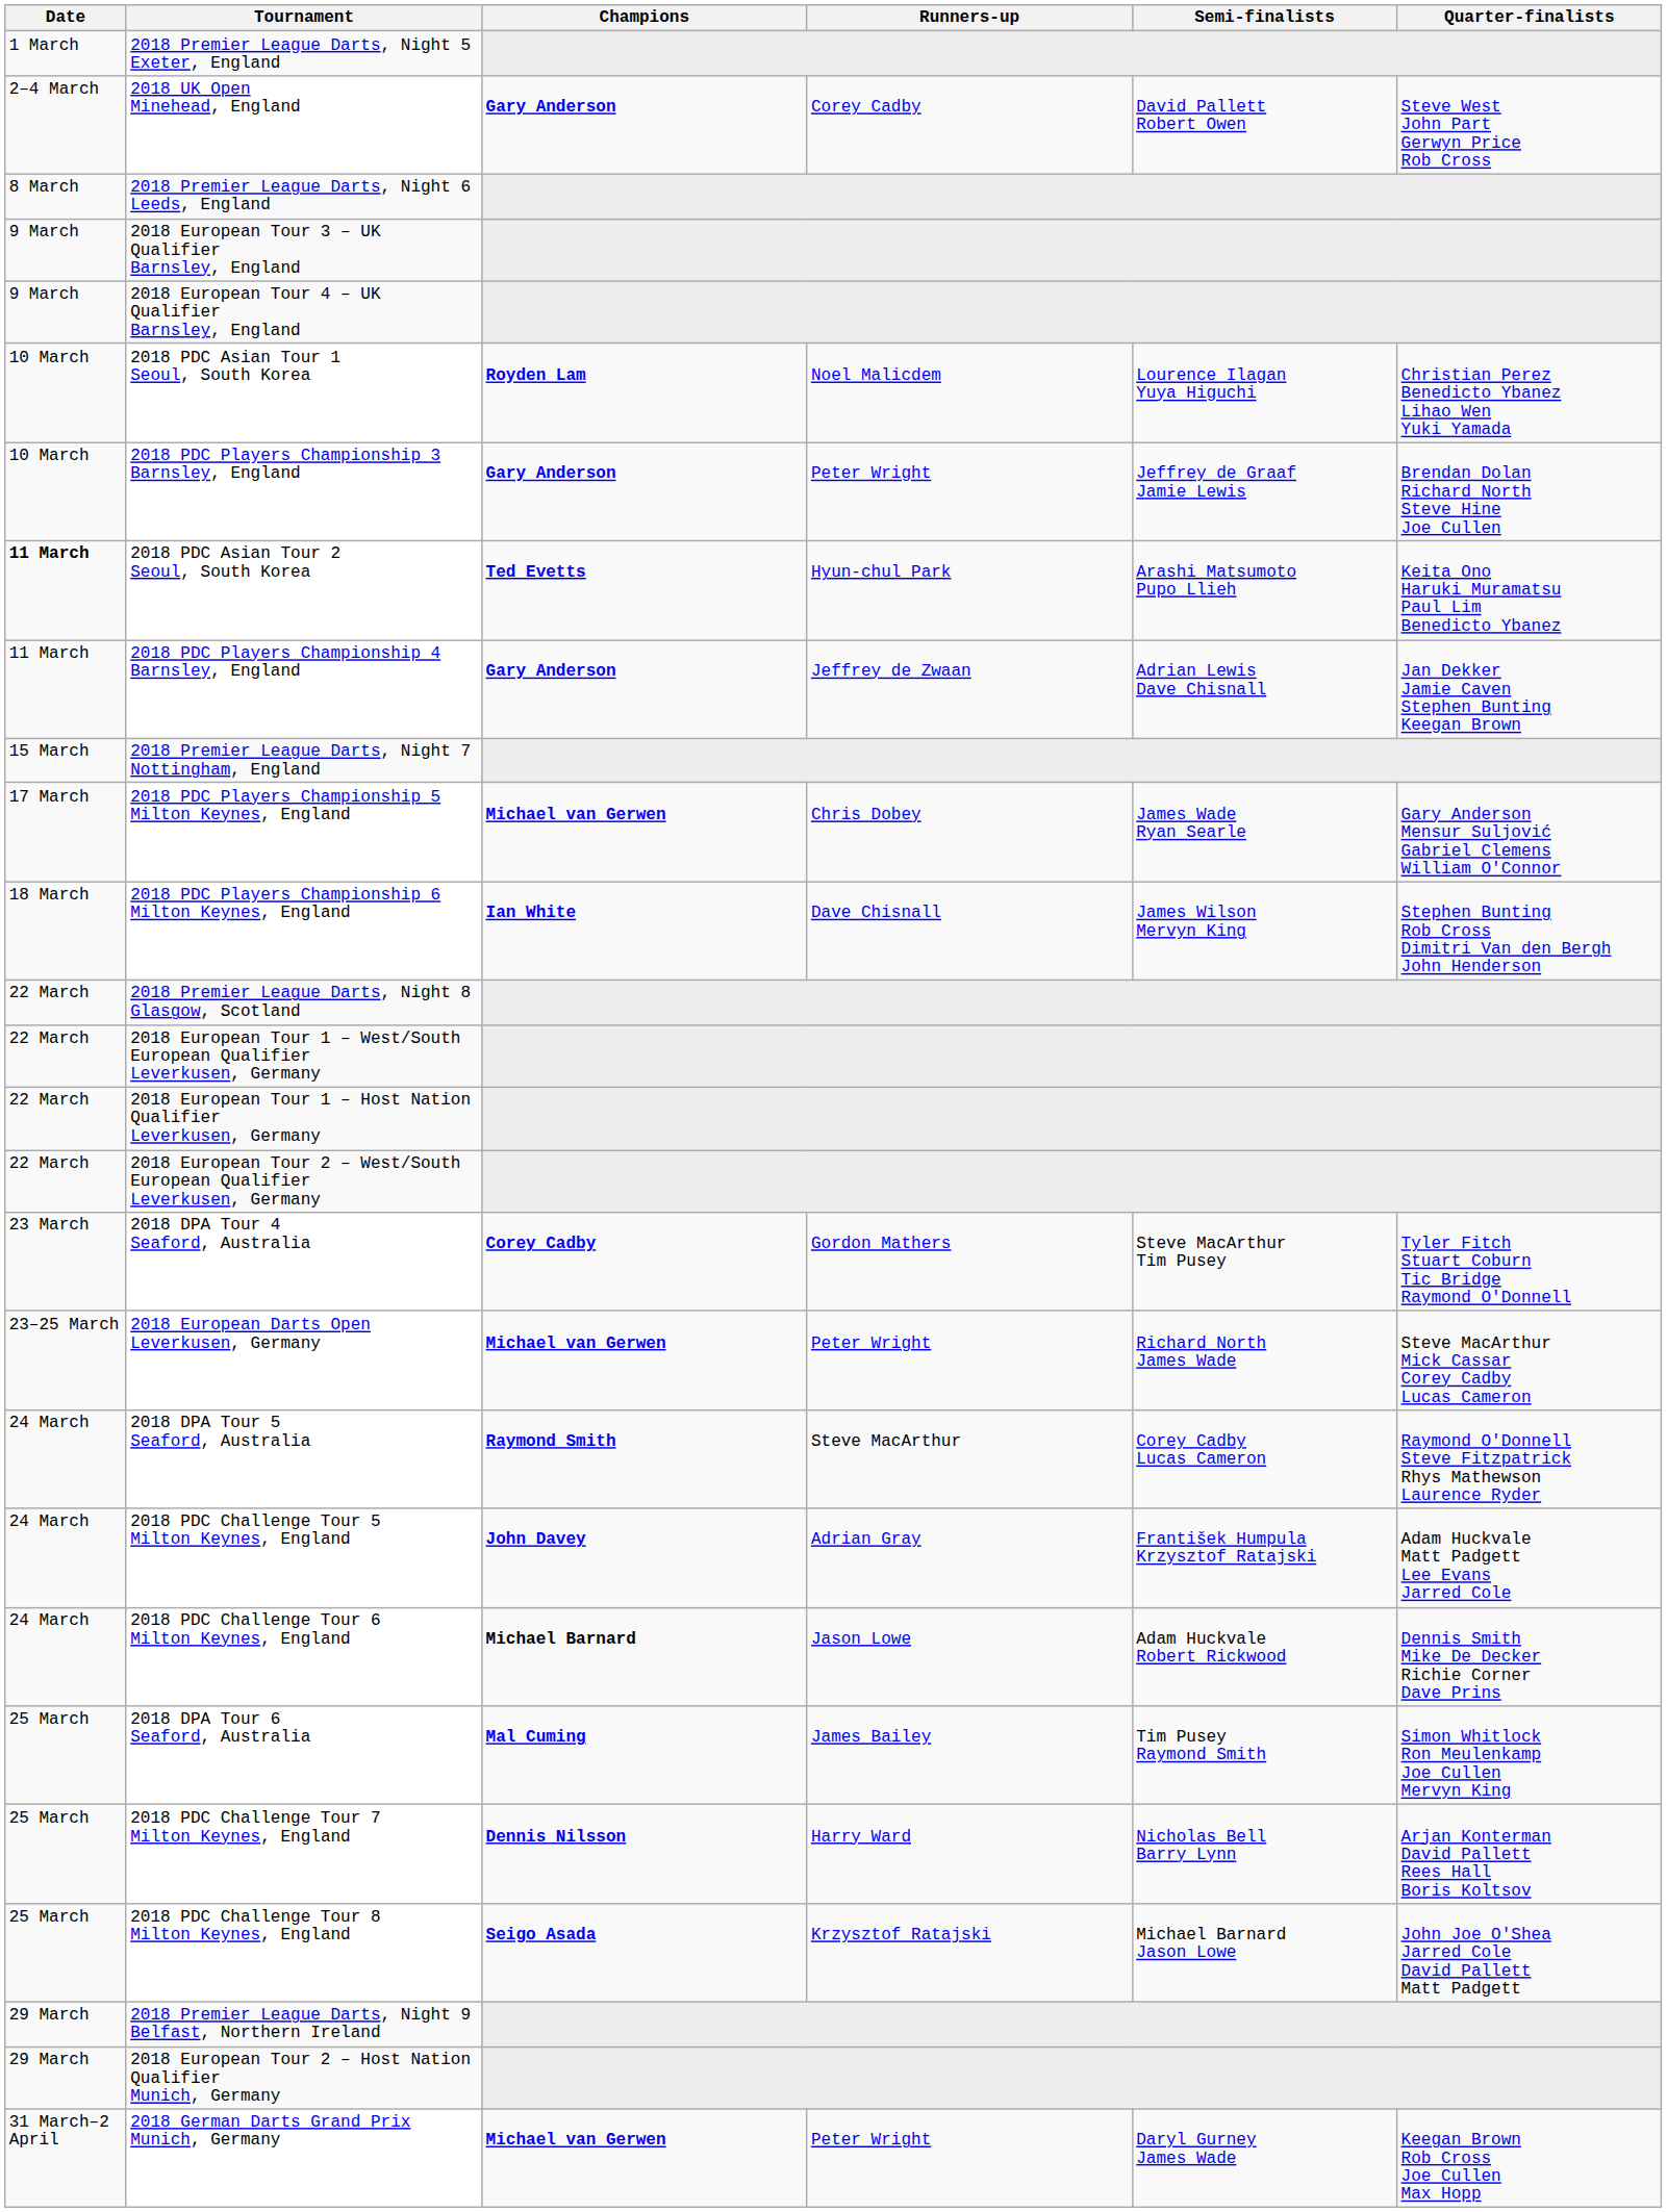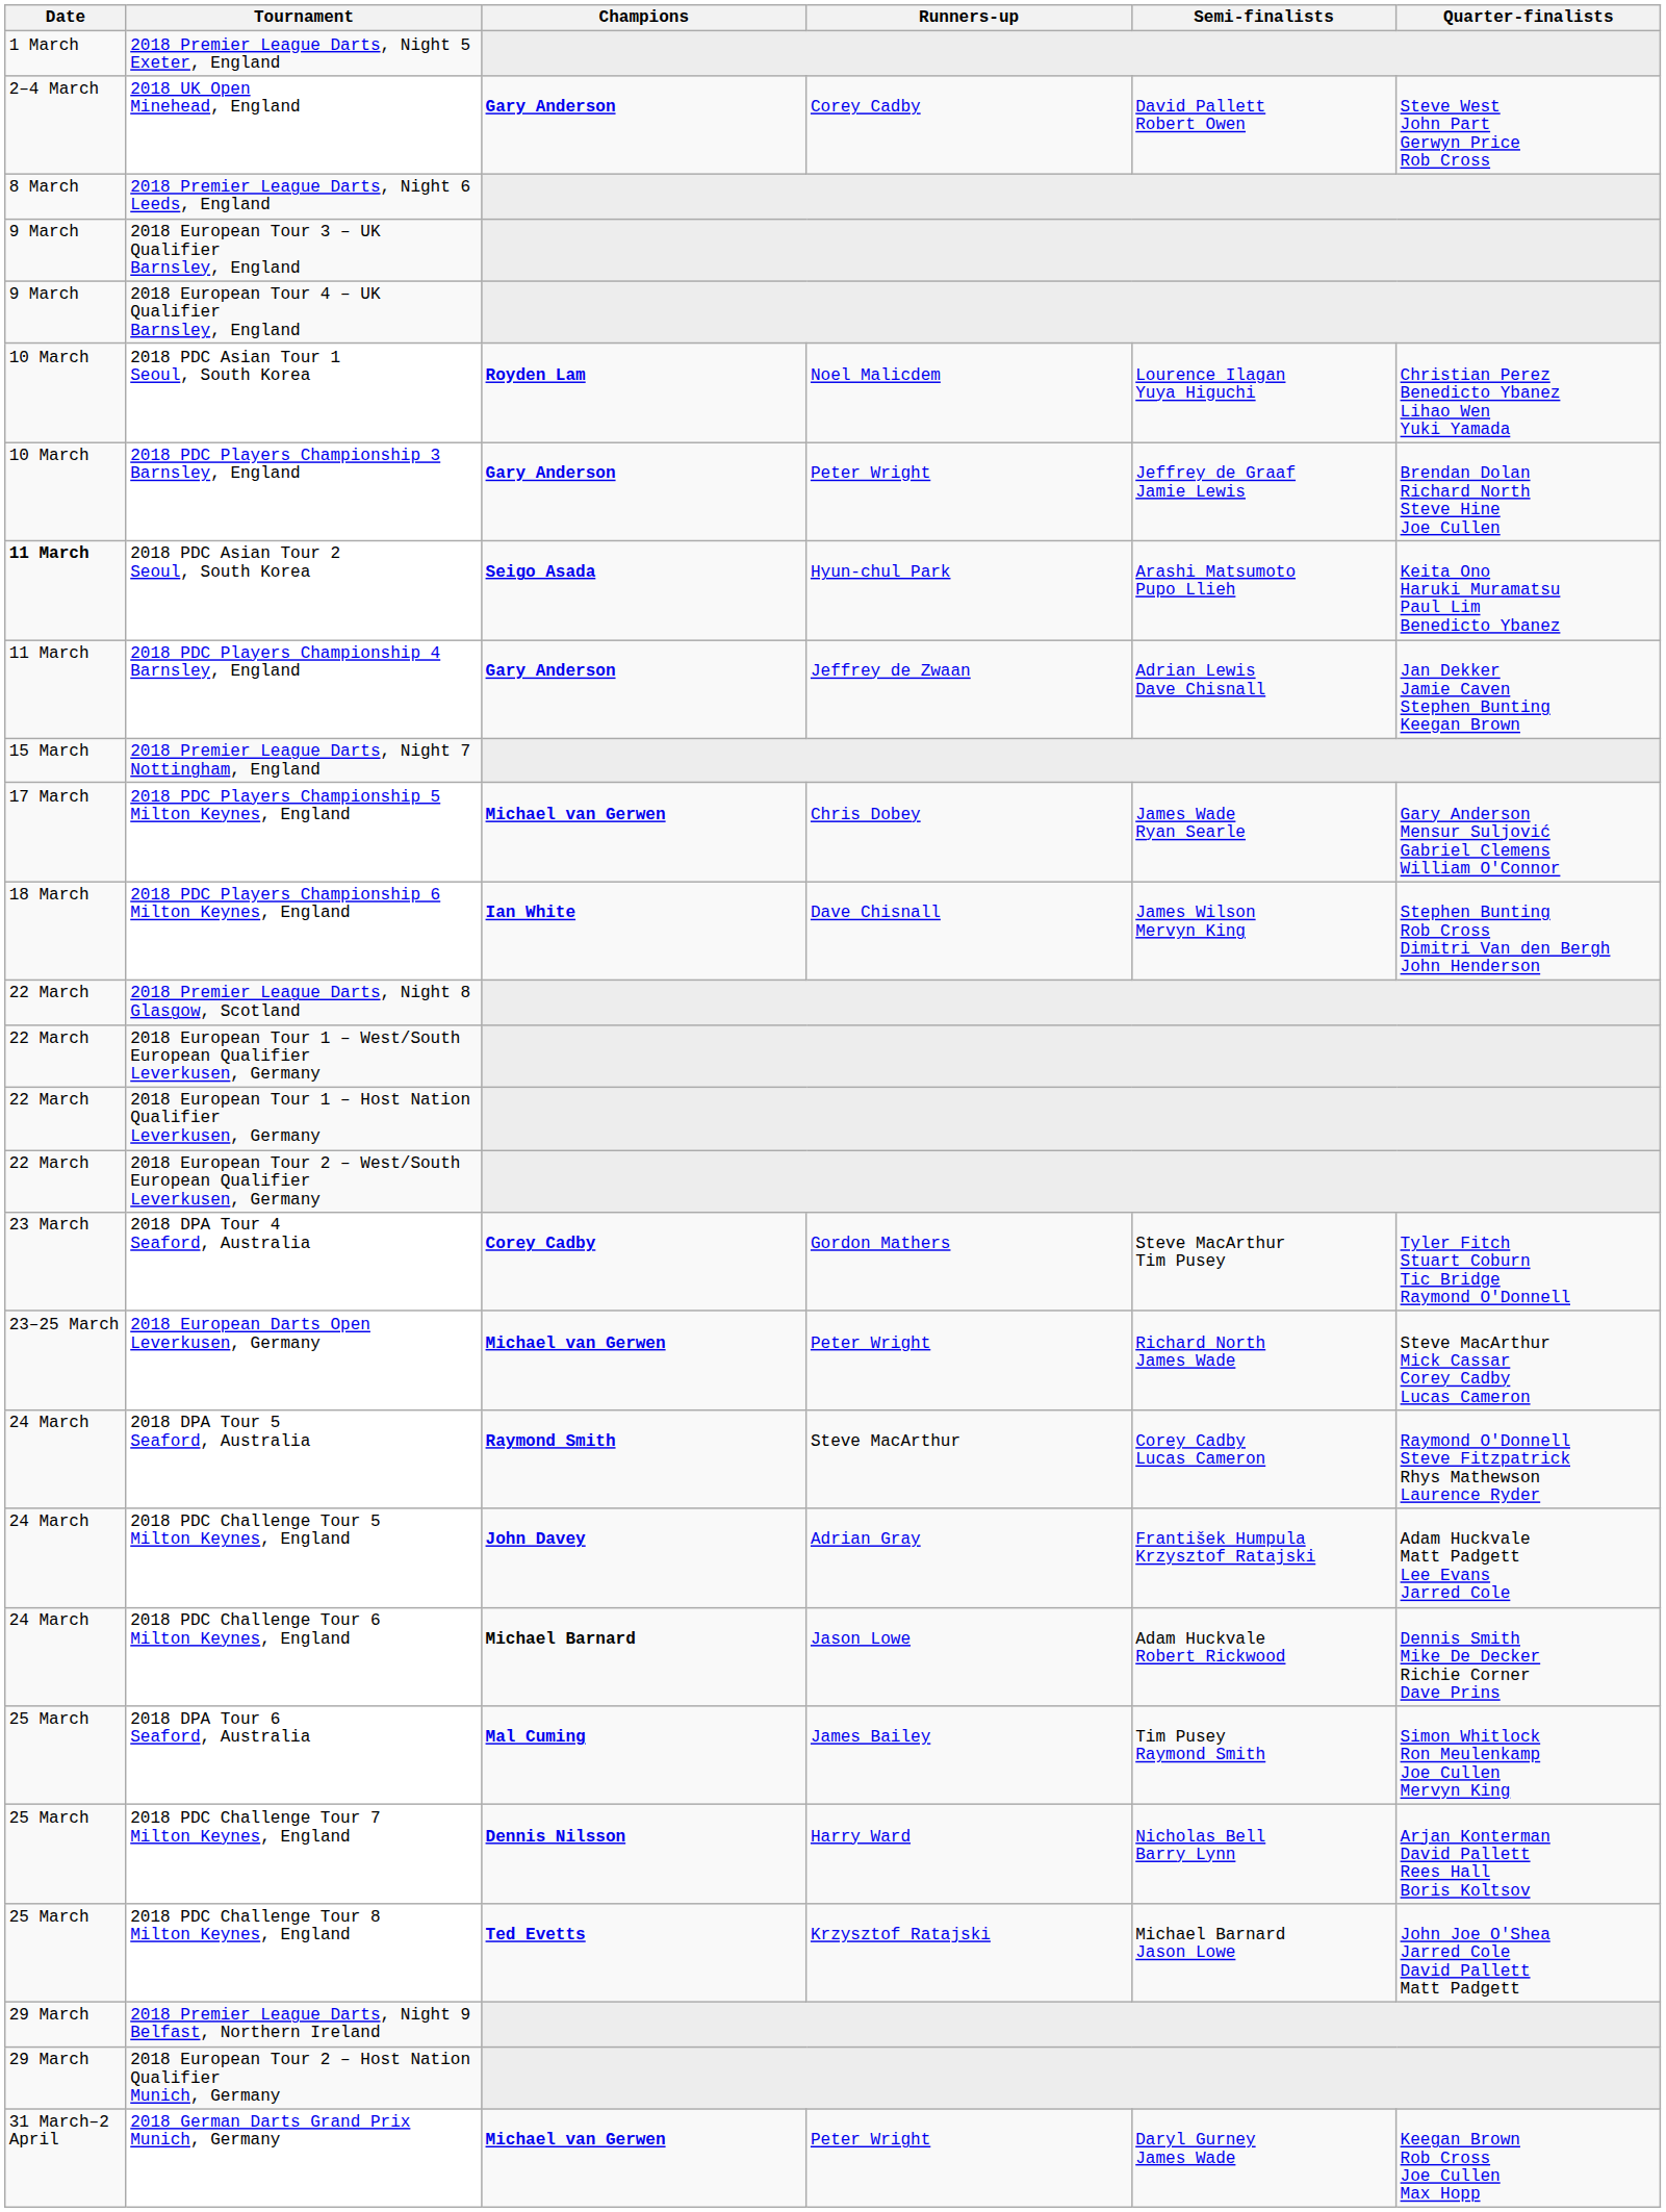 <table class=wikitable style=font-size:85%>
 <tr>
 <th width=75>Date</th>
 <th width=230>Tournament</th>
 <th width=210>Champions</th>
 <th width=210>Runners-up</th>
 <th width=170>Semi-finalists</th>
 <th width=170>Quarter-finalists</th>
 </tr>
 <tr valign="top">
 <td rowspan=1>1 March</td>
 <td><a href='#'>2018 Premier League Darts</a>, Night 5 <br><a href='#'>Exeter</a>, England</td>
 <td colspan=4 bgcolor="#ededed"></td>
 </tr>
 <tr valign="top">
 <td>2–4 March</td>
 <td bgcolor="#ffffff"><a href='#'>2018 UK Open</a><br><a href='#'>Minehead</a>, England</td>
 <td><br> <strong><a href='#'>Gary Anderson</a></strong></td>
 <td><br> <a href='#'>Corey Cadby</a></td>
 <td><br> <a href='#'>David Pallett</a> <br>  <a href='#'>Robert Owen</a></td>
 <td><br> <a href='#'>Steve West</a> <br>  <a href='#'>John Part</a> <br>  <a href='#'>Gerwyn Price</a> <br>  <a href='#'>Rob Cross</a></td>
 </tr>
 <tr valign="top">
 <td rowspan=1>8 March</td>
 <td><a href='#'>2018 Premier League Darts</a>, Night 6 <br><a href='#'>Leeds</a>, England</td>
 <td colspan=4 bgcolor="#ededed"></td>
 </tr>
 <tr valign="top">
 <td rowspan=1>9 March</td>
 <td>2018 European Tour 3 – UK Qualifier <br><a href='#'>Barnsley</a>, England</td>
 <td colspan=4 bgcolor="#ededed"></td>
 </tr>
 <tr valign="top">
 <td rowspan=1>9 March</td>
 <td>2018 European Tour 4 – UK Qualifier <br><a href='#'>Barnsley</a>, England</td>
 <td colspan=4 bgcolor="#ededed"></td>
 </tr>
 <tr valign="top">
 <td>10 March</td>
 <td bgcolor="#ffffff">2018 PDC Asian Tour 1<br><a href='#'>Seoul</a>, South Korea</td>
 <td><br> <strong><a href='#'>Royden Lam</a></strong></td>
 <td><br> <a href='#'>Noel Malicdem</a></td>
 <td><br> <a href='#'>Lourence Ilagan</a><br>  <a href='#'>Yuya Higuchi</a></td>
 <td><br> <a href='#'>Christian Perez</a> <br>  <a href='#'>Benedicto Ybanez</a> <br>  <a href='#'>Lihao Wen</a> <br>  <a href='#'>Yuki Yamada</a></td>
 </tr>
 <tr valign="top">
 <td>10 March</td>
 <td bgcolor="#ffffff"><a href='#'>2018 PDC Players Championship 3</a><br><a href='#'>Barnsley</a>, England</td>
 <td><br> <strong><a href='#'>Gary Anderson</a></strong></td>
 <td><br> <a href='#'>Peter Wright</a></td>
 <td><br> <a href='#'>Jeffrey de Graaf</a> <br>  <a href='#'>Jamie Lewis</a></td>
 <td><br> <a href='#'>Brendan Dolan</a> <br>  <a href='#'>Richard North</a> <br>  <a href='#'>Steve Hine</a> <br>  <a href='#'>Joe Cullen</a></td>
 </tr>
 <tr valign="top">
 <td><strong>11 March</strong></td>
 <td bgcolor="#ffffff">2018 PDC Asian Tour 2<br><a href='#'>Seoul</a>, South Korea</td>
-<td><br> <strong><a href='#'>Ted Evetts</a></strong></td>
+<td><br> <strong><a href='#'>Seigo Asada</a></strong></td>
 <td><br> <a href='#'>Hyun-chul Park</a></td>
 <td><br> <a href='#'>Arashi Matsumoto</a> <br>  <a href='#'>Pupo Llieh</a></td>
 <td><br> <a href='#'>Keita Ono</a> <br>  <a href='#'>Haruki Muramatsu</a> <br>  <a href='#'>Paul Lim</a> <br>  <a href='#'>Benedicto Ybanez</a></td>
 </tr>
 <tr valign="top">
 <td>11 March</td>
 <td bgcolor="#ffffff"><a href='#'>2018 PDC Players Championship 4</a><br><a href='#'>Barnsley</a>, England</td>
 <td><br> <strong><a href='#'>Gary Anderson</a></strong></td>
 <td><br> <a href='#'>Jeffrey de Zwaan</a></td>
 <td><br> <a href='#'>Adrian Lewis</a> <br>  <a href='#'>Dave Chisnall</a></td>
 <td><br> <a href='#'>Jan Dekker</a> <br>  <a href='#'>Jamie Caven</a> <br>  <a href='#'>Stephen Bunting</a> <br>  <a href='#'>Keegan Brown</a></td>
 </tr>
 <tr valign="top">
 <td rowspan=1>15 March</td>
 <td><a href='#'>2018 Premier League Darts</a>, Night 7 <br><a href='#'>Nottingham</a>, England</td>
 <td colspan=4 bgcolor="#ededed"></td>
 </tr>
 <tr valign="top">
 <td>17 March</td>
 <td bgcolor="#ffffff"><a href='#'>2018 PDC Players Championship 5</a><br><a href='#'>Milton Keynes</a>, England</td>
 <td><br> <strong><a href='#'>Michael van Gerwen</a></strong></td>
 <td><br> <a href='#'>Chris Dobey</a></td>
 <td><br> <a href='#'>James Wade</a> <br>  <a href='#'>Ryan Searle</a></td>
 <td><br> <a href='#'>Gary Anderson</a> <br>  <a href='#'>Mensur Suljović</a> <br>  <a href='#'>Gabriel Clemens</a> <br>  <a href='#'>William O'Connor</a></td>
 </tr>
 <tr valign="top">
 <td>18 March</td>
 <td bgcolor="#ffffff"><a href='#'>2018 PDC Players Championship 6</a><br><a href='#'>Milton Keynes</a>, England</td>
 <td><br> <strong><a href='#'>Ian White</a></strong></td>
 <td><br> <a href='#'>Dave Chisnall</a></td>
 <td><br> <a href='#'>James Wilson</a> <br>  <a href='#'>Mervyn King</a></td>
 <td><br> <a href='#'>Stephen Bunting</a> <br>  <a href='#'>Rob Cross</a> <br>  <a href='#'>Dimitri Van den Bergh</a> <br>  <a href='#'>John Henderson</a></td>
 </tr>
 <tr valign="top">
 <td rowspan=1>22 March</td>
 <td><a href='#'>2018 Premier League Darts</a>, Night 8 <br><a href='#'>Glasgow</a>, Scotland</td>
 <td colspan=4 bgcolor="#ededed"></td>
 </tr>
 <tr valign="top">
 <td rowspan=1>22 March</td>
 <td>2018 European Tour 1 – West/South European Qualifier <br><a href='#'>Leverkusen</a>, Germany</td>
 <td colspan=4 bgcolor="#ededed"></td>
 </tr>
 <tr valign="top">
 <td rowspan=1>22 March</td>
 <td>2018 European Tour 1 – Host Nation Qualifier <br><a href='#'>Leverkusen</a>, Germany</td>
 <td colspan=4 bgcolor="#ededed"></td>
 </tr>
 <tr valign="top">
 <td rowspan=1>22 March</td>
 <td>2018 European Tour 2 – West/South European Qualifier <br><a href='#'>Leverkusen</a>, Germany</td>
 <td colspan=4 bgcolor="#ededed"></td>
 </tr>
 <tr valign="top">
 <td>23 March</td>
 <td bgcolor="#ffffff">2018 DPA Tour 4<br><a href='#'>Seaford</a>, Australia</td>
 <td><br> <strong><a href='#'>Corey Cadby</a></strong></td>
 <td><br> <a href='#'>Gordon Mathers</a></td>
 <td><br> Steve MacArthur <br>  Tim Pusey</td>
 <td><br> <a href='#'>Tyler Fitch</a> <br>  <a href='#'>Stuart Coburn</a> <br>  <a href='#'>Tic Bridge</a> <br>  <a href='#'>Raymond O'Donnell</a></td>
 </tr>
 <tr valign="top">
 <td>23–25 March</td>
 <td bgcolor="#ffffff"><a href='#'>2018 European Darts Open</a><br><a href='#'>Leverkusen</a>, Germany</td>
 <td><br> <strong><a href='#'>Michael van Gerwen</a></strong></td>
 <td><br> <a href='#'>Peter Wright</a></td>
 <td><br> <a href='#'>Richard North</a> <br>  <a href='#'>James Wade</a></td>
 <td><br> Steve MacArthur <br>  <a href='#'>Mick Cassar</a> <br>  <a href='#'>Corey Cadby</a> <br>  <a href='#'>Lucas Cameron</a></td>
 </tr>
 <tr valign="top">
 <td>24 March</td>
 <td bgcolor="#ffffff">2018 DPA Tour 5<br><a href='#'>Seaford</a>, Australia</td>
 <td><br> <strong><a href='#'>Raymond Smith</a></strong></td>
 <td><br> Steve MacArthur</td>
 <td><br> <a href='#'>Corey Cadby</a> <br>  <a href='#'>Lucas Cameron</a></td>
 <td><br> <a href='#'>Raymond O'Donnell</a> <br>  <a href='#'>Steve Fitzpatrick</a> <br>  Rhys Mathewson <br>  <a href='#'>Laurence Ryder</a></td>
 </tr>
 <tr valign="top">
 <td>24 March</td>
 <td bgcolor="#ffffff">2018 PDC Challenge Tour 5<br><a href='#'>Milton Keynes</a>, England</td>
 <td><br> <strong><a href='#'>John Davey</a></strong></td>
 <td><br> <a href='#'>Adrian Gray</a></td>
 <td><br> <a href='#'>František Humpula</a> <br>  <a href='#'>Krzysztof Ratajski</a></td>
 <td><br> Adam Huckvale <br>  Matt Padgett <br>  <a href='#'>Lee Evans</a> <br>  <a href='#'>Jarred Cole</a></td>
 </tr>
 <tr valign="top">
 <td>24 March</td>
 <td bgcolor="#ffffff">2018 PDC Challenge Tour 6<br><a href='#'>Milton Keynes</a>, England</td>
 <td><br> <strong>Michael Barnard</strong></td>
 <td><br> <a href='#'>Jason Lowe</a></td>
 <td><br> Adam Huckvale <br>  <a href='#'>Robert Rickwood</a></td>
 <td><br> <a href='#'>Dennis Smith</a> <br>  <a href='#'>Mike De Decker</a> <br>  Richie Corner <br>  <a href='#'>Dave Prins</a></td>
 </tr>
 <tr valign="top">
 <td>25 March</td>
 <td bgcolor="#ffffff">2018 DPA Tour 6<br><a href='#'>Seaford</a>, Australia</td>
 <td><br> <strong><a href='#'>Mal Cuming</a></strong></td>
 <td><br> <a href='#'>James Bailey</a></td>
 <td><br> Tim Pusey <br>  <a href='#'>Raymond Smith</a></td>
 <td><br> <a href='#'>Simon Whitlock</a> <br>  <a href='#'>Ron Meulenkamp</a> <br>  <a href='#'>Joe Cullen</a> <br>  <a href='#'>Mervyn King</a></td>
 </tr>
 <tr valign="top">
 <td>25 March</td>
 <td bgcolor="#ffffff">2018 PDC Challenge Tour 7<br><a href='#'>Milton Keynes</a>, England</td>
 <td><br> <strong><a href='#'>Dennis Nilsson</a></strong></td>
 <td><br> <a href='#'>Harry Ward</a></td>
 <td><br> <a href='#'>Nicholas Bell</a> <br>  <a href='#'>Barry Lynn</a></td>
 <td><br> <a href='#'>Arjan Konterman</a> <br>  <a href='#'>David Pallett</a> <br>  <a href='#'>Rees Hall</a> <br>  <a href='#'>Boris Koltsov</a></td>
 </tr>
 <tr valign="top">
 <td>25 March</td>
 <td bgcolor="#ffffff">2018 PDC Challenge Tour 8<br><a href='#'>Milton Keynes</a>, England</td>
-<td><br> <strong><a href='#'>Seigo Asada</a></strong></td>
+<td><br> <strong><a href='#'>Ted Evetts</a></strong></td>
 <td><br> <a href='#'>Krzysztof Ratajski</a></td>
 <td><br> Michael Barnard <br>  <a href='#'>Jason Lowe</a></td>
 <td><br> <a href='#'>John Joe O'Shea</a> <br>  <a href='#'>Jarred Cole</a> <br>  <a href='#'>David Pallett</a> <br>  Matt Padgett</td>
 </tr>
 <tr valign="top">
 <td rowspan=1>29 March</td>
 <td><a href='#'>2018 Premier League Darts</a>, Night 9 <br><a href='#'>Belfast</a>, Northern Ireland</td>
 <td colspan=4 bgcolor="#ededed"></td>
 </tr>
 <tr valign="top">
 <td rowspan=1>29 March</td>
 <td>2018 European Tour 2 – Host Nation Qualifier <br><a href='#'>Munich</a>, Germany</td>
 <td colspan=4 bgcolor="#ededed"></td>
 </tr>
 <tr valign="top">
 <td>31 March–2 April</td>
 <td bgcolor="#ffffff"><a href='#'>2018 German Darts Grand Prix</a><br><a href='#'>Munich</a>, Germany</td>
 <td><br> <strong><a href='#'>Michael van Gerwen</a></strong></td>
 <td><br> <a href='#'>Peter Wright</a></td>
 <td><br> <a href='#'>Daryl Gurney</a> <br>  <a href='#'>James Wade</a></td>
 <td><br> <a href='#'>Keegan Brown</a> <br>  <a href='#'>Rob Cross</a> <br>  <a href='#'>Joe Cullen</a> <br>  <a href='#'>Max Hopp</a></td>
 </tr>
 </table>
